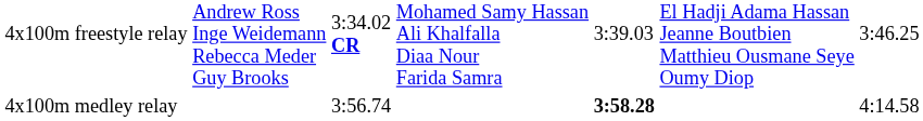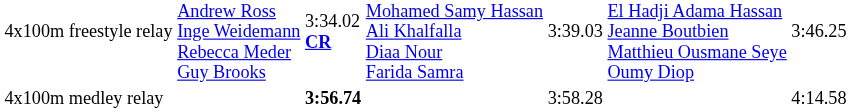 <table>
 <tr>
 <td>4x100m freestyle relay<br></td>
 <td><br><a href='#'>Andrew Ross</a><br><a href='#'>Inge Weidemann</a><br><a href='#'>Rebecca Meder</a><br><a href='#'>Guy Brooks</a></td>
 <td>3:34.02<br><strong><a href='#'>CR</a></strong></td>
 <td><br><a href='#'>Mohamed Samy Hassan</a><br><a href='#'>Ali Khalfalla</a><br><a href='#'>Diaa Nour</a><br><a href='#'>Farida Samra</a></td>
 <td>3:39.03</td>
 <td><br><a href='#'>El Hadji Adama Hassan</a><br><a href='#'>Jeanne Boutbien</a><br><a href='#'>Matthieu Ousmane Seye</a><br><a href='#'>Oumy Diop</a></td>
 <td>3:46.25</td>
 </tr>
 <tr>
 <td>4x100m medley relay<br></td>
 <td></td>
-<td>3:56.74</td>
+<td><strong>3:56.74</strong></td>
 <td></td>
-<td><strong>3:58.28</strong></td>
+<td>3:58.28</td>
 <td></td>
 <td>4:14.58</td>
 </tr>
 </table>
